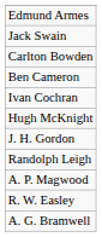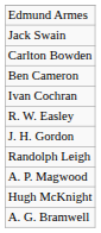 <table class="wikitable">
 <tr>
 </tr>
 <tr>
 <td>Edmund Armes</td>
 </tr>
 <tr>
 <td>Jack Swain</td>
 </tr>
 <tr>
 <td>Carlton Bowden</td>
 </tr>
 <tr>
 <td>Ben Cameron</td>
 </tr>
 <tr>
 <td>Ivan Cochran</td>
 </tr>
 <tr>
-<td>Hugh McKnight</td>
+<td>R. W. Easley</td>
 </tr>
 <tr>
 <td>J. H. Gordon</td>
 </tr>
 <tr>
 <td>Randolph Leigh</td>
 </tr>
 <tr>
 <td>A. P. Magwood</td>
 </tr>
 <tr>
-<td>R. W. Easley</td>
+<td>Hugh McKnight</td>
 </tr>
 <tr>
 <td>A. G. Bramwell</td>
 </tr>
 </table>
